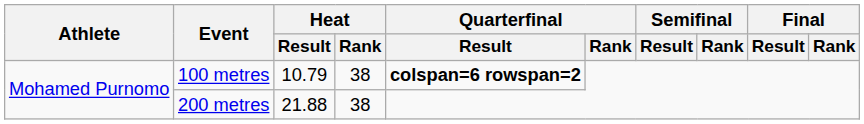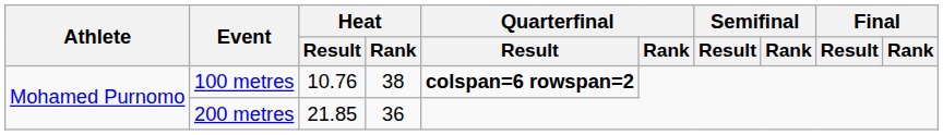 <table class=wikitable style=font-size:90%>
 <tr>
 <th rowspan=2>Athlete</th>
 <th rowspan=2>Event</th>
 <th colspan=2>Heat</th>
 <th colspan=2>Quarterfinal</th>
 <th colspan=2>Semifinal</th>
 <th colspan=2>Final</th>
 </tr>
 <tr style=font-size:95%>
 <th>Result</th>
 <th>Rank</th>
 <th>Result</th>
 <th>Rank</th>
 <th>Result</th>
 <th>Rank</th>
 <th>Result</th>
 <th>Rank</th>
 </tr>
 <tr align=center>
 <td align=left rowspan=2><a href='#'>Mohamed Purnomo</a></td>
 <td align=left><a href='#'>100 metres</a></td>
-<td>10.79</td>
+<td>10.76</td>
 <td>38</td>
 <td><strong>colspan=6 rowspan=2 </strong></td>
 </tr>
 <tr align=center>
 <td align=left><a href='#'>200 metres</a></td>
-<td>21.88</td>
-<td>38</td>
+<td>21.85</td>
+<td>36</td>
 </tr>
 </table>
